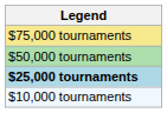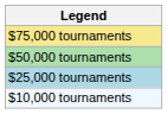 <table class="wikitable" style="font-size:85%; width:13%;">
 <tr>
 <th>Legend</th>
 </tr>
 <tr style="background:#f7e98e;">
 <td>$75,000 tournaments</td>
 </tr>
 <tr style="background:#addfad;">
 <td>$50,000 tournaments</td>
 </tr>
 <tr style="background:lightblue;">
-<td><strong>$25,000 tournaments</strong></td>
+<td>$25,000 tournaments</td>
 </tr>
 <tr style="background:#f0f8ff;">
 <td>$10,000 tournaments</td>
 </tr>
 </table>
